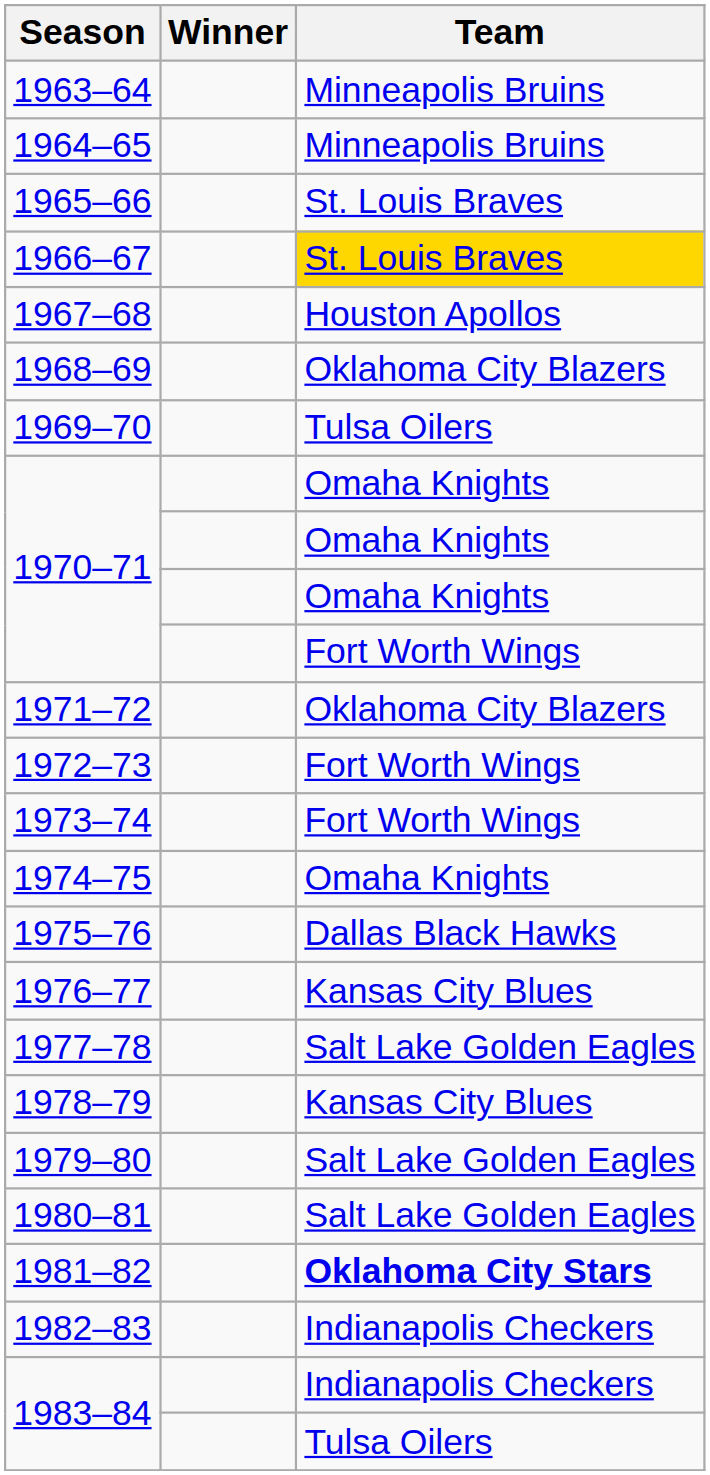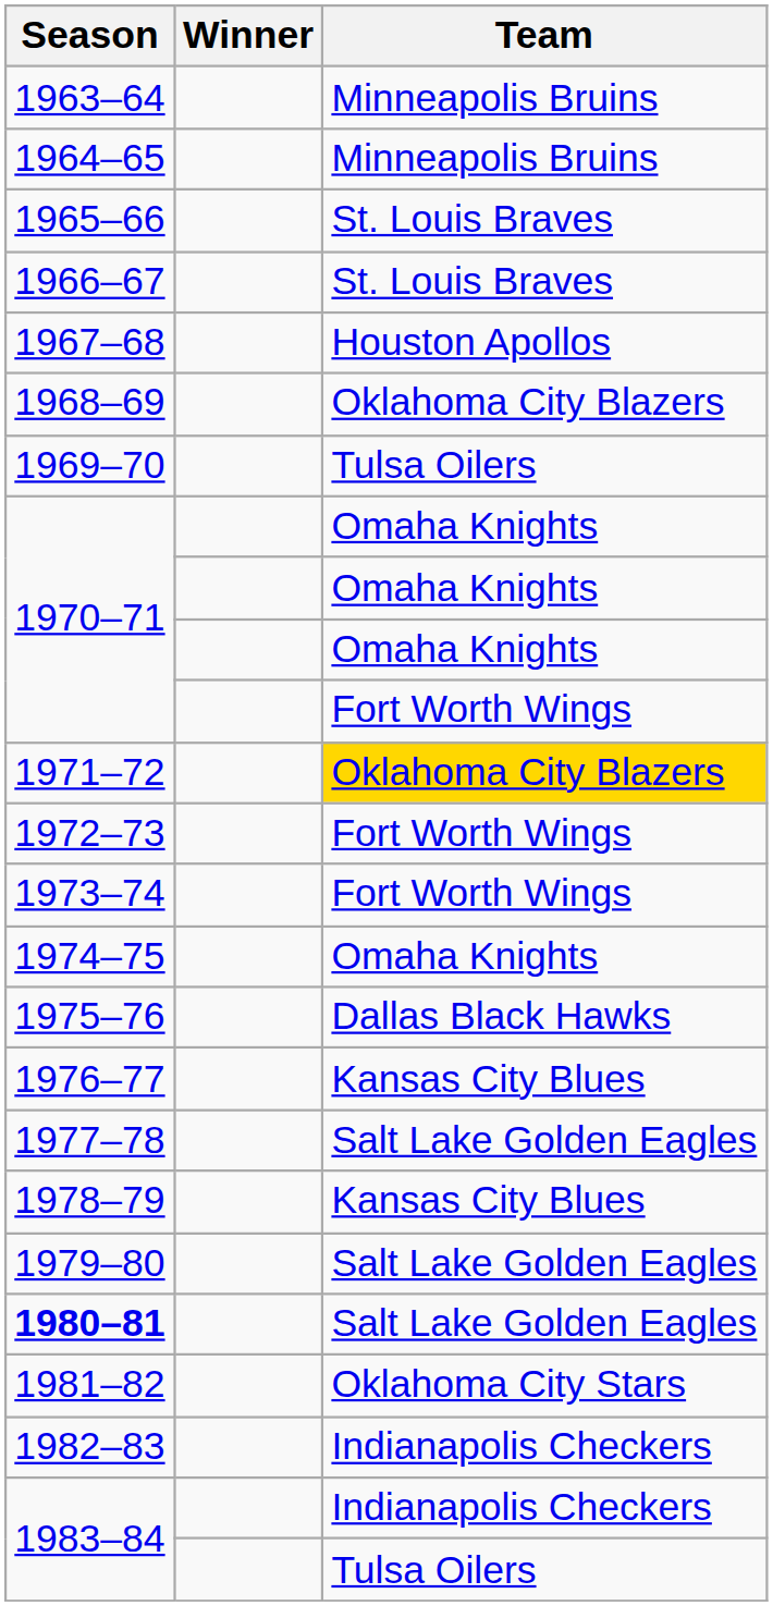 <table class="wikitable sortable" style="width=60%">
 <tr>
 <th>Season</th>
 <th>Winner</th>
 <th>Team</th>
 </tr>
 <tr>
 <td><a href='#'>1963–64</a></td>
 <td></td>
 <td><a href='#'>Minneapolis Bruins</a></td>
 </tr>
 <tr>
 <td><a href='#'>1964–65</a></td>
 <td></td>
 <td><a href='#'>Minneapolis Bruins</a></td>
 </tr>
 <tr>
 <td><a href='#'>1965–66</a></td>
 <td></td>
 <td><a href='#'>St. Louis Braves</a></td>
 </tr>
 <tr>
 <td><a href='#'>1966–67</a></td>
 <td></td>
-<td style="background: gold;"><a href='#'>St. Louis Braves</a></td>
+<td><a href='#'>St. Louis Braves</a></td>
 </tr>
 <tr>
 <td><a href='#'>1967–68</a></td>
 <td></td>
 <td><a href='#'>Houston Apollos</a></td>
 </tr>
 <tr>
 <td><a href='#'>1968–69</a></td>
 <td></td>
 <td><a href='#'>Oklahoma City Blazers</a></td>
 </tr>
 <tr>
 <td><a href='#'>1969–70</a></td>
 <td></td>
 <td><a href='#'>Tulsa Oilers</a></td>
 </tr>
 <tr>
 <td rowspan=4><a href='#'>1970–71</a></td>
 <td></td>
 <td><a href='#'>Omaha Knights</a></td>
 </tr>
 <tr>
 <td></td>
 <td><a href='#'>Omaha Knights</a></td>
 </tr>
 <tr>
 <td></td>
 <td><a href='#'>Omaha Knights</a></td>
 </tr>
 <tr>
 <td></td>
 <td><a href='#'>Fort Worth Wings</a></td>
 </tr>
 <tr>
 <td><a href='#'>1971–72</a></td>
 <td></td>
-<td><a href='#'>Oklahoma City Blazers</a></td>
+<td style="background: gold;"><a href='#'>Oklahoma City Blazers</a></td>
 </tr>
 <tr>
 <td><a href='#'>1972–73</a></td>
 <td></td>
 <td><a href='#'>Fort Worth Wings</a></td>
 </tr>
 <tr>
 <td><a href='#'>1973–74</a></td>
 <td></td>
 <td><a href='#'>Fort Worth Wings</a></td>
 </tr>
 <tr>
 <td><a href='#'>1974–75</a></td>
 <td></td>
 <td><a href='#'>Omaha Knights</a></td>
 </tr>
 <tr>
 <td><a href='#'>1975–76</a></td>
 <td></td>
 <td><a href='#'>Dallas Black Hawks</a></td>
 </tr>
 <tr>
 <td><a href='#'>1976–77</a></td>
 <td></td>
 <td><a href='#'>Kansas City Blues</a></td>
 </tr>
 <tr>
 <td><a href='#'>1977–78</a></td>
 <td></td>
 <td><a href='#'>Salt Lake Golden Eagles</a></td>
 </tr>
 <tr>
 <td><a href='#'>1978–79</a></td>
 <td></td>
 <td><a href='#'>Kansas City Blues</a></td>
 </tr>
 <tr>
 <td><a href='#'>1979–80</a></td>
 <td></td>
 <td><a href='#'>Salt Lake Golden Eagles</a></td>
 </tr>
 <tr>
-<td><a href='#'>1980–81</a></td>
+<td><strong><a href='#'>1980–81</a></strong></td>
 <td></td>
 <td><a href='#'>Salt Lake Golden Eagles</a></td>
 </tr>
 <tr>
 <td><a href='#'>1981–82</a></td>
 <td></td>
-<td><strong><a href='#'>Oklahoma City Stars</a></strong></td>
+<td><a href='#'>Oklahoma City Stars</a></td>
 </tr>
 <tr>
 <td><a href='#'>1982–83</a></td>
 <td></td>
 <td><a href='#'>Indianapolis Checkers</a></td>
 </tr>
 <tr>
 <td rowspan=2><a href='#'>1983–84</a></td>
 <td></td>
 <td><a href='#'>Indianapolis Checkers</a></td>
 </tr>
 <tr>
 <td></td>
 <td><a href='#'>Tulsa Oilers</a></td>
 </tr>
 </table>
